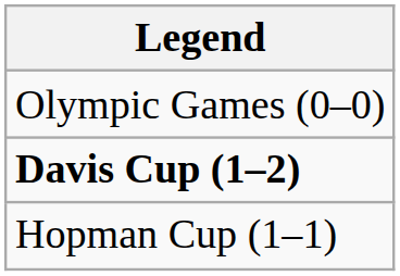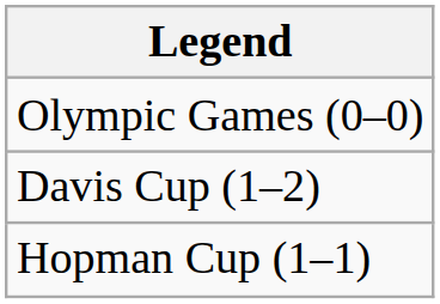 <table class=wikitable>
 <tr>
 <th>Legend</th>
 </tr>
 <tr bgcolor=>
 <td>Olympic Games (0–0)</td>
 </tr>
 <tr bgcolor=>
-<td><strong>Davis Cup (1–2)</strong></td>
+<td>Davis Cup (1–2)</td>
 </tr>
 <tr bgcolor=>
 <td>Hopman Cup (1–1)</td>
 </tr>
 </table>
